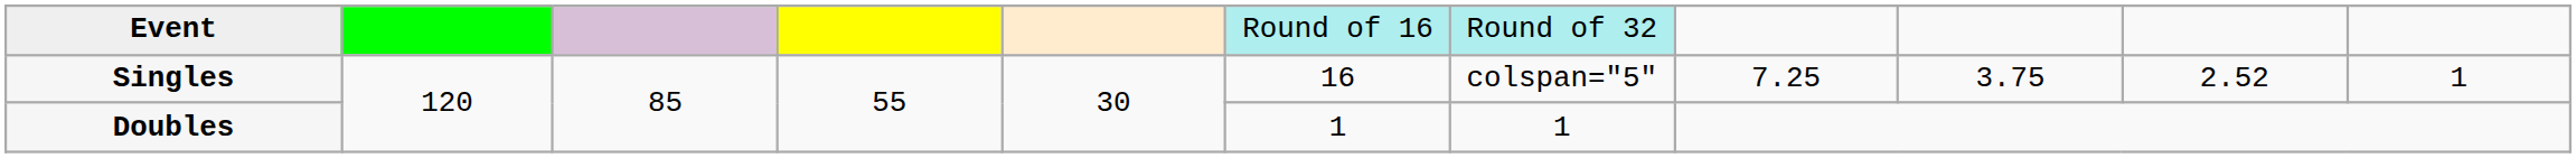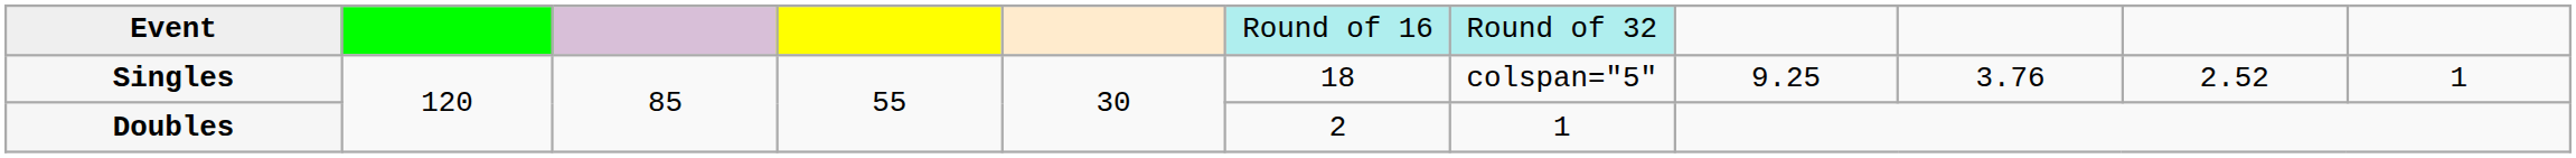 <table class=wikitable style=font-size:90%;text-align:center>
 <tr>
 <td style="width:130px; background:#efefef;"><strong>Event</strong></td>
 <td style="width:80px; background:lime;"></td>
 <td style="width:85px; background:thistle;"></td>
 <td style="width:85px; background:#ff0;"></td>
 <td style="width:85px; background:#ffebcd;"></td>
 <td style="width:85px; background:#afeeee;">Round of 16</td>
 <td style="width:85px; background:#afeeee;">Round of 32</td>
 <td width=85></td>
 <td width=85></td>
 <td width=85></td>
 <td width=85></td>
 </tr>
 <tr>
 <th style="background:#f6f6f6;">Singles</th>
 <td rowspan="2">120</td>
 <td rowspan="2">85</td>
 <td rowspan="2">55</td>
 <td rowspan="2">30</td>
-<td>16</td>
+<td>18</td>
 <td>colspan="5" </td>
-<td>7.25</td>
-<td>3.75</td>
+<td>9.25</td>
+<td>3.76</td>
 <td>2.52</td>
 <td>1</td>
 </tr>
 <tr>
 <th style="background:#f6f6f6;">Doubles</th>
-<td>1</td>
+<td>2</td>
 <td>1</td>
 </tr>
 </table>
